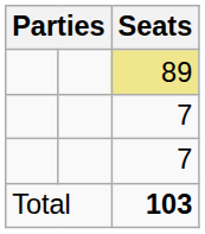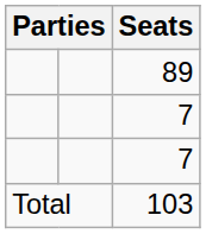 <table class="wikitable" style="text-align:left;">
 <tr>
 <th colspan="2" style="text-align:left;">Parties</th>
 <th>Seats</th>
 </tr>
 <tr>
 <td></td>
 <td></td>
-<td style="background: khaki; text-align:right;">89</td>
+<td style="text-align:right;">89</td>
 </tr>
 <tr>
 <td></td>
 <td></td>
 <td style="text-align:right;">7</td>
 </tr>
 <tr>
 <td></td>
 <td></td>
 <td style="text-align:right;">7</td>
 </tr>
 <tr>
 <td colspan="2" style="text-align:left;">Total</td>
-<td style="text-align:right;"><strong>103</strong></td>
+<td style="text-align:right;">103</td>
 </tr>
 </table>
